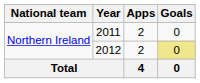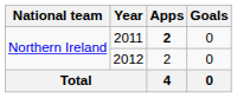 <table class=wikitable style="text-align: center">
 <tr>
 <th>National team</th>
 <th>Year</th>
 <th>Apps</th>
 <th>Goals</th>
 </tr>
 <tr>
 <td rowspan=2><a href='#'>Northern Ireland</a></td>
 <td>2011</td>
-<td>2</td>
+<td><strong>2</strong></td>
 <td>0</td>
 </tr>
 <tr>
 <td>2012</td>
 <td>2</td>
-<td style="background: khaki;">0</td>
+<td>0</td>
 </tr>
 <tr>
 <th colspan=2>Total</th>
 <th>4</th>
 <th>0</th>
 </tr>
 </table>
